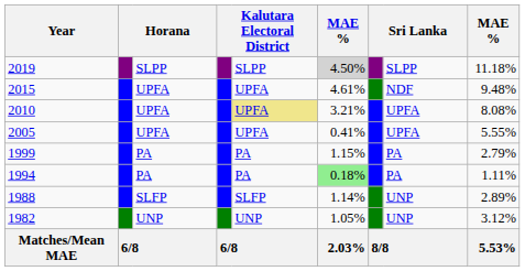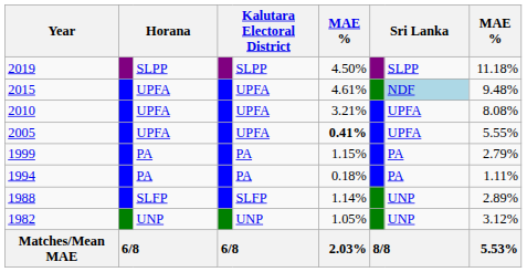 <table class="wikitable">
 <tr>
 <th>Year</th>
 <th colspan="2" width="144px">Horana</th>
 <th colspan="2" width="144px"><a href='#'>Kalutara Electoral District</a></th>
 <th><a href='#'>MAE</a> %</th>
 <th colspan="2" width="144px">Sri Lanka</th>
 <th>MAE %</th>
 </tr>
 <tr>
 <td><a href='#'>2019</a></td>
 <td style="background-color:purple;" width="10px"></td>
 <td style="text-align:left;"><a href='#'>SLPP</a></td>
 <td style="background-color:purple;" width="10px"></td>
 <td style="text-align:left;"><a href='#'>SLPP</a></td>
-<td style="background: lightgrey; text-align:right;">4.50%</td>
+<td style="text-align:right;">4.50%</td>
 <td style="background-color:purple;" width="10px"></td>
 <td style="text-align:left;"><a href='#'>SLPP</a></td>
 <td style="text-align:right;">11.18%</td>
 </tr>
 <tr>
 <td><a href='#'>2015</a></td>
 <td style="background-color:blue;" width="10px"></td>
 <td style="text-align:left;"><a href='#'>UPFA</a></td>
 <td style="background-color:blue;" width="10px"></td>
 <td style="text-align:left;"><a href='#'>UPFA</a></td>
 <td style="text-align:right;">4.61%</td>
 <td style="background-color:green;" width="10px"></td>
-<td style="text-align:left;"><a href='#'>NDF</a></td>
+<td style="background: lightblue; text-align:left;"><a href='#'>NDF</a></td>
 <td style="text-align:right;">9.48%</td>
 </tr>
 <tr>
 <td><a href='#'>2010</a></td>
 <td style="background-color:blue;" width="10px"></td>
 <td style="text-align:left;"><a href='#'>UPFA</a></td>
 <td style="background-color:blue;" width="10px"></td>
-<td style="background: khaki; text-align:left;"><a href='#'>UPFA</a></td>
+<td style="text-align:left;"><a href='#'>UPFA</a></td>
 <td style="text-align:right;">3.21%</td>
 <td style="background-color:blue;" width="10px"></td>
 <td style="text-align:left;"><a href='#'>UPFA</a></td>
 <td style="text-align:right;">8.08%</td>
 </tr>
 <tr>
 <td><a href='#'>2005</a></td>
 <td style="background-color:blue;" width="10px"></td>
 <td style="text-align:left;"><a href='#'>UPFA</a></td>
 <td style="background-color:blue;" width="10px"></td>
 <td style="text-align:left;"><a href='#'>UPFA</a></td>
-<td style="text-align:right;">0.41%</td>
+<td style="text-align:right;"><strong>0.41%</strong></td>
 <td style="background-color:blue;" width="10px"></td>
 <td style="text-align:left;"><a href='#'>UPFA</a></td>
 <td style="text-align:right;">5.55%</td>
 </tr>
 <tr>
 <td><a href='#'>1999</a></td>
 <td style="background-color:blue;" width="10px"></td>
 <td style="text-align:left;"><a href='#'>PA</a></td>
 <td style="background-color:blue;" width="10px"></td>
 <td style="text-align:left;"><a href='#'>PA</a></td>
 <td style="text-align:right;">1.15%</td>
 <td style="background-color:blue;" width="10px"></td>
 <td style="text-align:left;"><a href='#'>PA</a></td>
 <td style="text-align:right;">2.79%</td>
 </tr>
 <tr>
 <td><a href='#'>1994</a></td>
 <td style="background-color:blue;" width="10px"></td>
 <td style="text-align:left;"><a href='#'>PA</a></td>
 <td style="background-color:blue;" width="10px"></td>
 <td style="text-align:left;"><a href='#'>PA</a></td>
-<td style="background: lightgreen; text-align:right;">0.18%</td>
+<td style="text-align:right;">0.18%</td>
 <td style="background-color:blue;" width="10px"></td>
 <td style="text-align:left;"><a href='#'>PA</a></td>
 <td style="text-align:right;">1.11%</td>
 </tr>
 <tr>
 <td><a href='#'>1988</a></td>
 <td style="background-color:blue;" width="10px"></td>
 <td style="text-align:left;"><a href='#'>SLFP</a></td>
 <td style="background-color:blue;" width="10px"></td>
 <td style="text-align:left;"><a href='#'>SLFP</a></td>
 <td style="text-align:right;">1.14%</td>
 <td style="background-color:green;" width="10px"></td>
 <td style="text-align:left;"><a href='#'>UNP</a></td>
 <td style="text-align:right;">2.89%</td>
 </tr>
 <tr>
 <td><a href='#'>1982</a></td>
 <td style="background-color:green;" width="10px"></td>
 <td style="text-align:left;"><a href='#'>UNP</a></td>
 <td style="background-color:green;" width="10px"></td>
 <td style="text-align:left;"><a href='#'>UNP</a></td>
 <td style="text-align:right;">1.05%</td>
 <td style="background-color:green;" width="10px"></td>
 <td style="text-align:left;"><a href='#'>UNP</a></td>
 <td style="text-align:right;">3.12%</td>
 </tr>
 <tr>
 <th>Matches/Mean MAE</th>
 <th style="text-align:left;"colspan="2" width="144px">6/8</th>
 <th style="text-align:left;"colspan="2" width="144px">6/8</th>
 <th style="text-align:right;">2.03%</th>
 <th style="text-align:left;"colspan="2" width="144px">8/8</th>
 <th style="text-align:right;">5.53%</th>
 </tr>
 </table>
